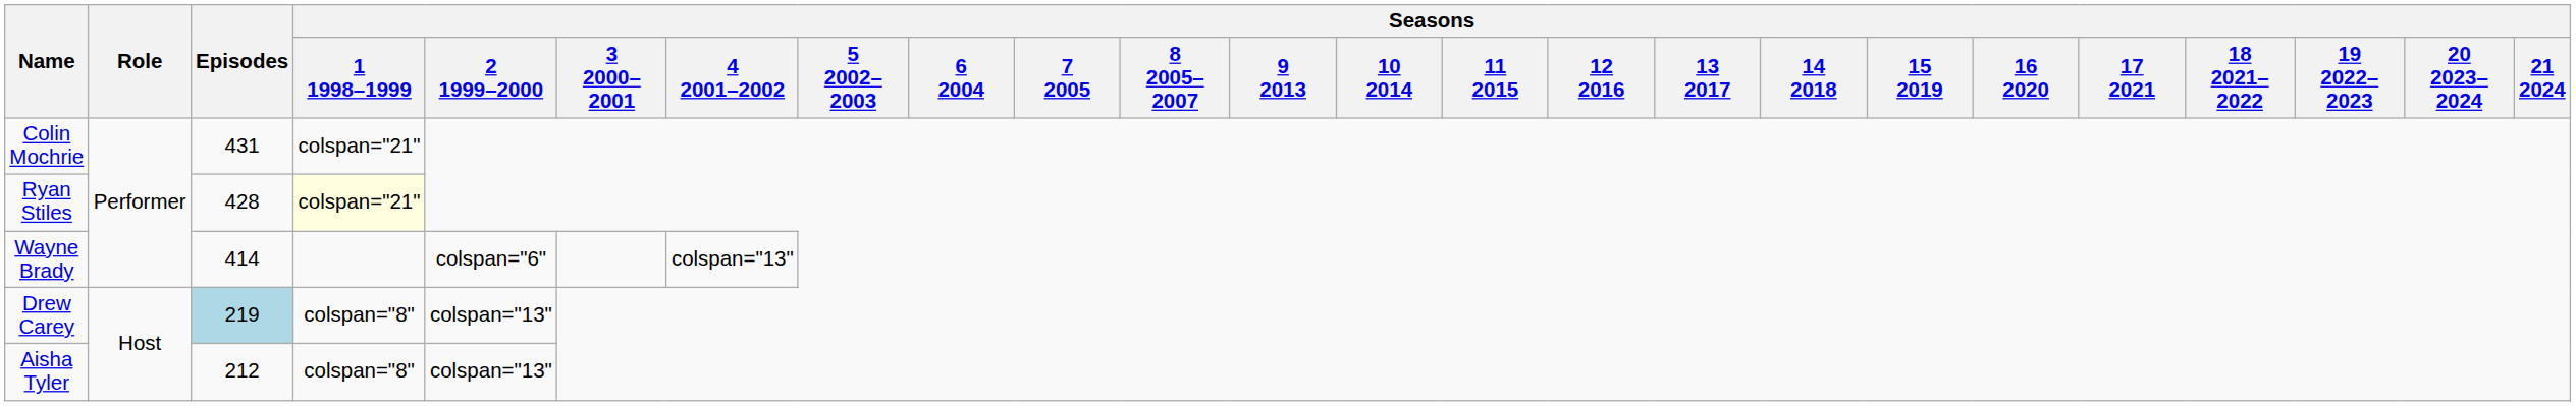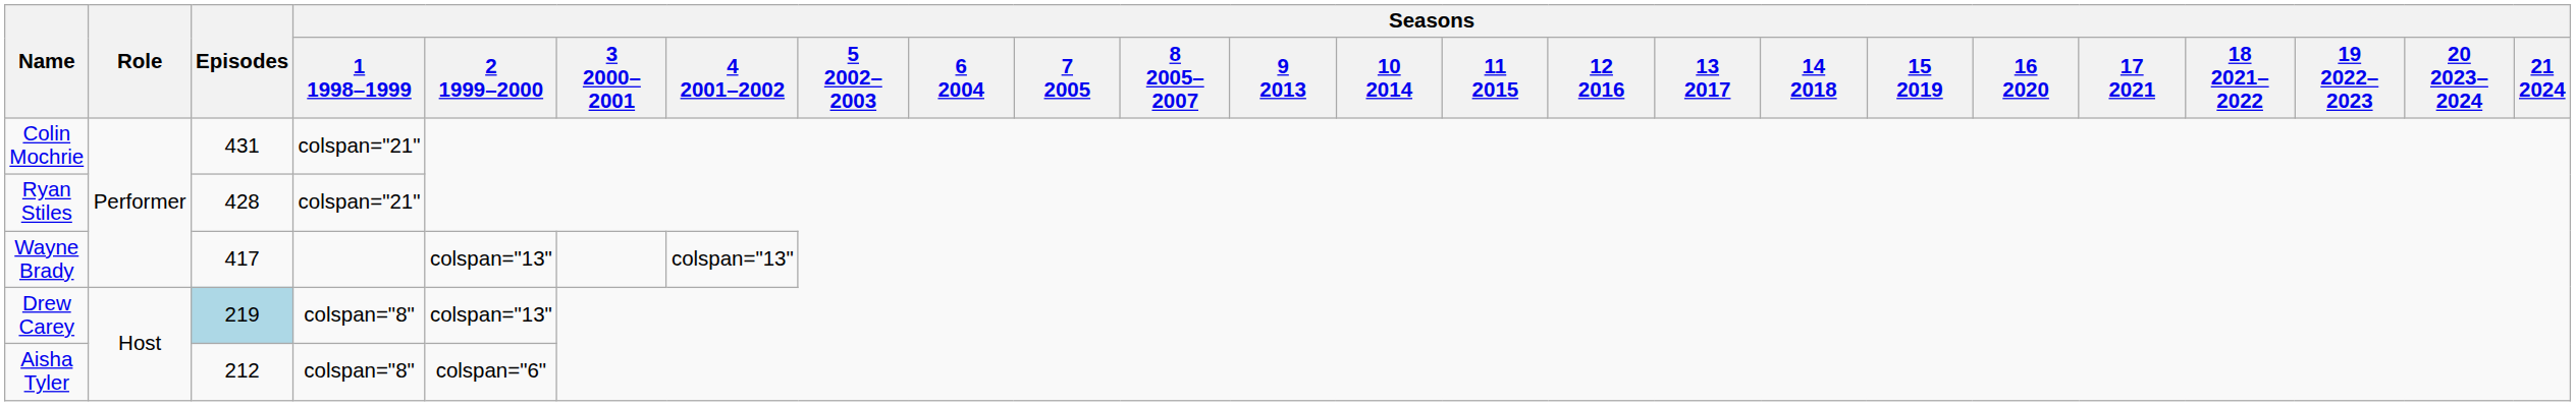 <table class="wikitable plainrowheaders" style="text-align:center;">
 <tr>
 <th scope="col" rowspan="2">Name</th>
 <th scope="col" rowspan="2">Role</th>
 <th scope="col" rowspan="2">Episodes</th>
 <th scope="col" colspan="21">Seasons</th>
 </tr>
 <tr>
 <th scope="col" style="width:5%;"><a href='#'>1<br>1998–1999</a></th>
 <th scope="col" style="width:5%;"><a href='#'>2<br>1999–2000</a></th>
 <th scope="col" style="width:5%;"><a href='#'>3<br>2000–2001</a></th>
 <th scope="col" style="width:5%;"><a href='#'>4<br>2001–2002</a></th>
 <th scope="col" style="width:5%;"><a href='#'>5<br>2002–2003</a></th>
 <th scope="col" style="width:5%;"><a href='#'>6<br>2004</a></th>
 <th scope="col" style="width:5%;"><a href='#'>7<br>2005</a></th>
 <th scope="col" style="width:5%;"><a href='#'>8<br>2005–2007</a></th>
 <th scope="col" style="width:5%;"><a href='#'>9<br>2013</a></th>
 <th scope="col" style="width:5%;"><a href='#'>10<br>2014</a></th>
 <th scope="col" style="width:5%;"><a href='#'>11<br>2015</a></th>
 <th scope="col" style="width:5%;"><a href='#'>12<br>2016</a></th>
 <th scope="col" style="width:5%;"><a href='#'>13<br>2017</a></th>
 <th scope="col" style="width:5%;"><a href='#'>14<br>2018</a></th>
 <th scope="col" style="width:5%;"><a href='#'>15<br>2019</a></th>
 <th scope="col" style="width:5%;"><a href='#'>16<br>2020</a></th>
 <th scope="col" style="width:5%;"><a href='#'>17<br>2021</a></th>
 <th scope="col" style="width:5%;"><a href='#'>18<br>2021–2022</a></th>
 <th scope="col" style="width:5%;"><a href='#'>19<br>2022–2023</a></th>
 <th scope="col" style="width:5%;"><a href='#'>20<br>2023–2024</a></th>
 <th scope="col" style="width:5%;"><a href='#'>21<br>2024</a></th>
 </tr>
 <tr>
 <td scope="row"><a href='#'>Colin Mochrie</a></td>
 <td rowspan="3">Performer</td>
 <td>431</td>
 <td>colspan="21" </td>
 </tr>
 <tr>
 <td scope="row"><a href='#'>Ryan Stiles</a></td>
 <td>428</td>
-<td style="background: lightyellow;">colspan="21" </td>
+<td>colspan="21" </td>
 </tr>
 <tr>
 <td scope="row"><a href='#'>Wayne Brady</a></td>
-<td>414</td>
+<td>417</td>
 <td></td>
-<td>colspan="6" </td>
+<td>colspan="13" </td>
 <td></td>
 <td>colspan="13" </td>
 </tr>
 <tr>
 <td scope="row"><a href='#'>Drew Carey</a></td>
 <td rowspan="2">Host</td>
 <td style="background: lightblue;">219</td>
 <td>colspan="8" </td>
 <td>colspan="13" </td>
 </tr>
 <tr>
 <td scope="row"><a href='#'>Aisha Tyler</a></td>
 <td>212</td>
 <td>colspan="8" </td>
-<td>colspan="13" </td>
+<td>colspan="6" </td>
 </tr>
 </table>
